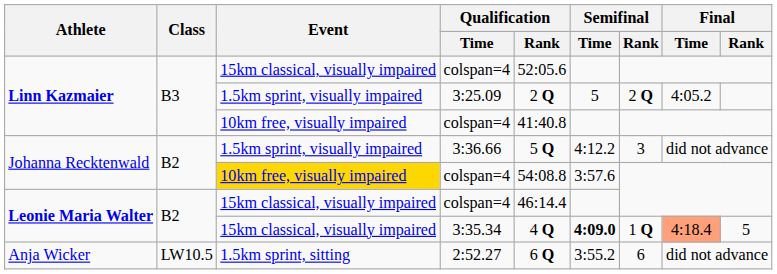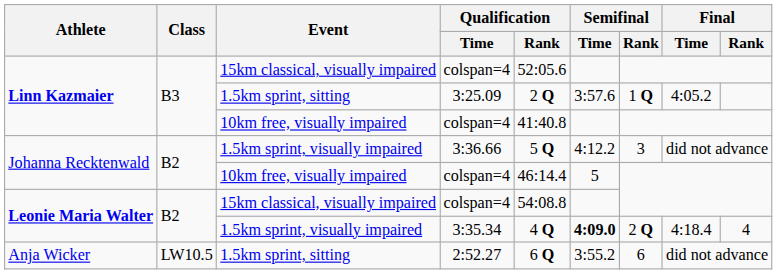 <table class=wikitable style="font-size:90%">
 <tr>
 <th rowspan=2>Athlete</th>
 <th rowspan=2>Class</th>
 <th rowspan=2>Event</th>
 <th colspan=2>Qualification</th>
 <th colspan=2>Semifinal</th>
 <th colspan=2>Final</th>
 </tr>
 <tr style="font-size:95%">
 <th>Time</th>
 <th>Rank</th>
 <th>Time</th>
 <th>Rank</th>
 <th>Time</th>
 <th>Rank</th>
 </tr>
 <tr>
 <td rowspan=3><strong><a href='#'>Linn Kazmaier</a><br></strong></td>
 <td rowspan=3>B3</td>
 <td><a href='#'>15km classical, visually impaired</a></td>
 <td>colspan=4 </td>
 <td align="center">52:05.6</td>
 <td align="center"></td>
 </tr>
 <tr>
-<td><a href='#'>1.5km sprint, visually impaired</a></td>
+<td><a href='#'>1.5km sprint, sitting</a></td>
 <td align="center">3:25.09</td>
 <td align="center">2 <strong>Q</strong></td>
-<td align="center">5</td>
-<td align="center">2 <strong>Q</strong></td>
+<td align="center">3:57.6</td>
+<td align="center">1 <strong>Q</strong></td>
 <td align="center">4:05.2</td>
 <td align="center"></td>
 </tr>
 <tr>
 <td><a href='#'>10km free, visually impaired</a></td>
 <td>colspan=4 </td>
 <td align="center">41:40.8</td>
 <td align="center"></td>
 </tr>
 <tr>
 <td rowspan=2><a href='#'>Johanna Recktenwald</a><br></td>
 <td rowspan=2>B2</td>
 <td><a href='#'>1.5km sprint, visually impaired</a></td>
 <td align="center">3:36.66</td>
 <td align="center">5 <strong>Q</strong></td>
 <td align="center">4:12.2</td>
 <td align="center">3</td>
 <td colspan=2 align="center">did not advance</td>
 </tr>
 <tr>
-<td style="background: gold;"><a href='#'>10km free, visually impaired</a></td>
+<td><a href='#'>10km free, visually impaired</a></td>
 <td>colspan=4 </td>
-<td align="center">54:08.8</td>
-<td align="center">3:57.6</td>
+<td align="center">46:14.4</td>
+<td align="center">5</td>
 </tr>
 <tr>
 <td rowspan=2><strong><a href='#'>Leonie Maria Walter</a><br></strong></td>
 <td rowspan=2>B2</td>
 <td><a href='#'>15km classical, visually impaired</a></td>
 <td>colspan=4 </td>
-<td align="center">46:14.4</td>
+<td align="center">54:08.8</td>
 <td align="center"></td>
 </tr>
 <tr>
-<td><a href='#'>15km classical, visually impaired</a></td>
+<td><a href='#'>1.5km sprint, visually impaired</a></td>
 <td align="center">3:35.34</td>
 <td align="center">4 <strong>Q</strong></td>
 <td align="center"><strong>4:09.0</strong></td>
-<td align="center">1 <strong>Q</strong></td>
-<td align="center" style="background: lightsalmon;">4:18.4</td>
-<td align="center">5</td>
+<td align="center">2 <strong>Q</strong></td>
+<td align="center">4:18.4</td>
+<td align="center">4</td>
 </tr>
 <tr>
 <td><a href='#'>Anja Wicker</a></td>
 <td>LW10.5</td>
 <td><a href='#'>1.5km sprint, sitting</a></td>
 <td align="center">2:52.27</td>
 <td align="center">6 <strong>Q</strong></td>
 <td align="center">3:55.2</td>
 <td align="center">6</td>
 <td colspan=2 align="center">did not advance</td>
 </tr>
 </table>
